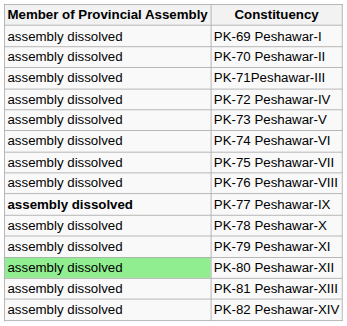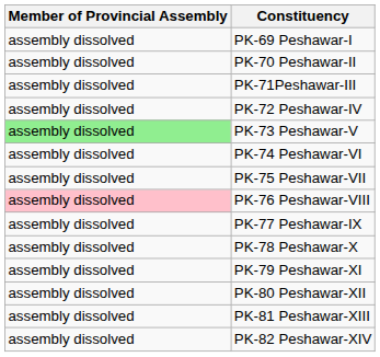 <table class="wikitable sortable">
 <tr>
 <th>Member of Provincial Assembly</th>
 <th>Constituency</th>
 </tr>
 <tr>
 <td>assembly dissolved</td>
 <td>PK-69 Peshawar-I</td>
 </tr>
 <tr>
 <td>assembly dissolved</td>
 <td>PK-70 Peshawar-II</td>
 </tr>
 <tr>
 <td>assembly dissolved</td>
 <td>PK-71Peshawar-III</td>
 </tr>
 <tr>
 <td>assembly dissolved</td>
 <td>PK-72 Peshawar-IV</td>
 </tr>
 <tr>
-<td>assembly dissolved</td>
+<td style="background: lightgreen;">assembly dissolved</td>
 <td>PK-73 Peshawar-V</td>
 </tr>
 <tr>
 <td>assembly dissolved</td>
 <td>PK-74 Peshawar-VI</td>
 </tr>
 <tr>
 <td>assembly dissolved</td>
 <td>PK-75 Peshawar-VII</td>
 </tr>
 <tr>
-<td>assembly dissolved</td>
+<td style="background: pink;">assembly dissolved</td>
 <td>PK-76 Peshawar-VIII</td>
 </tr>
 <tr>
-<td><strong>assembly dissolved</strong></td>
+<td>assembly dissolved</td>
 <td>PK-77 Peshawar-IX</td>
 </tr>
 <tr>
 <td>assembly dissolved</td>
 <td>PK-78 Peshawar-X</td>
 </tr>
 <tr>
 <td>assembly dissolved</td>
 <td>PK-79 Peshawar-XI</td>
 </tr>
 <tr>
-<td style="background: lightgreen;">assembly dissolved</td>
+<td>assembly dissolved</td>
 <td>PK-80 Peshawar-XII</td>
 </tr>
 <tr>
 <td>assembly dissolved</td>
 <td>PK-81 Peshawar-XIII</td>
 </tr>
 <tr>
 <td>assembly dissolved</td>
 <td>PK-82 Peshawar-XIV</td>
 </tr>
 </table>
